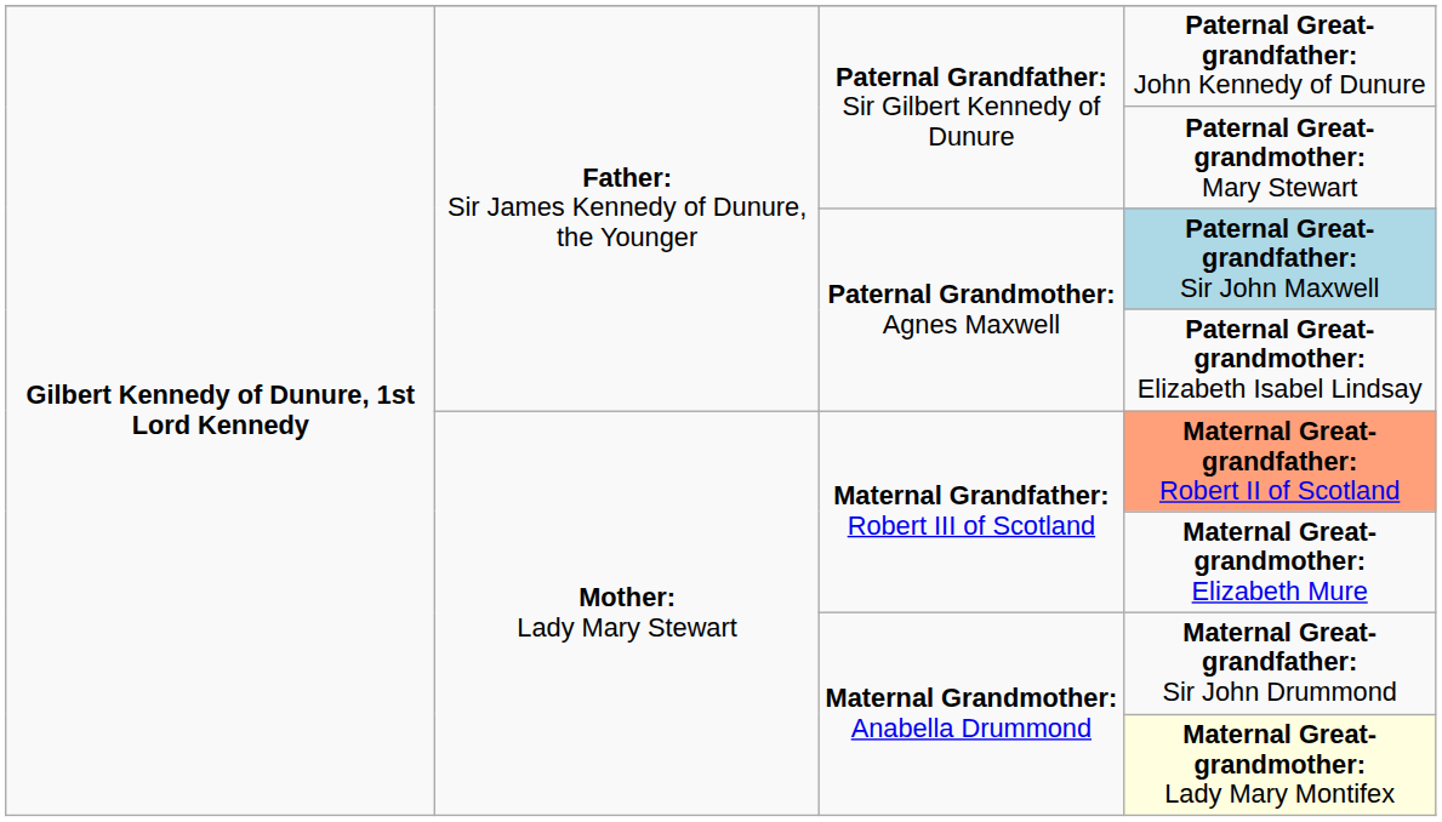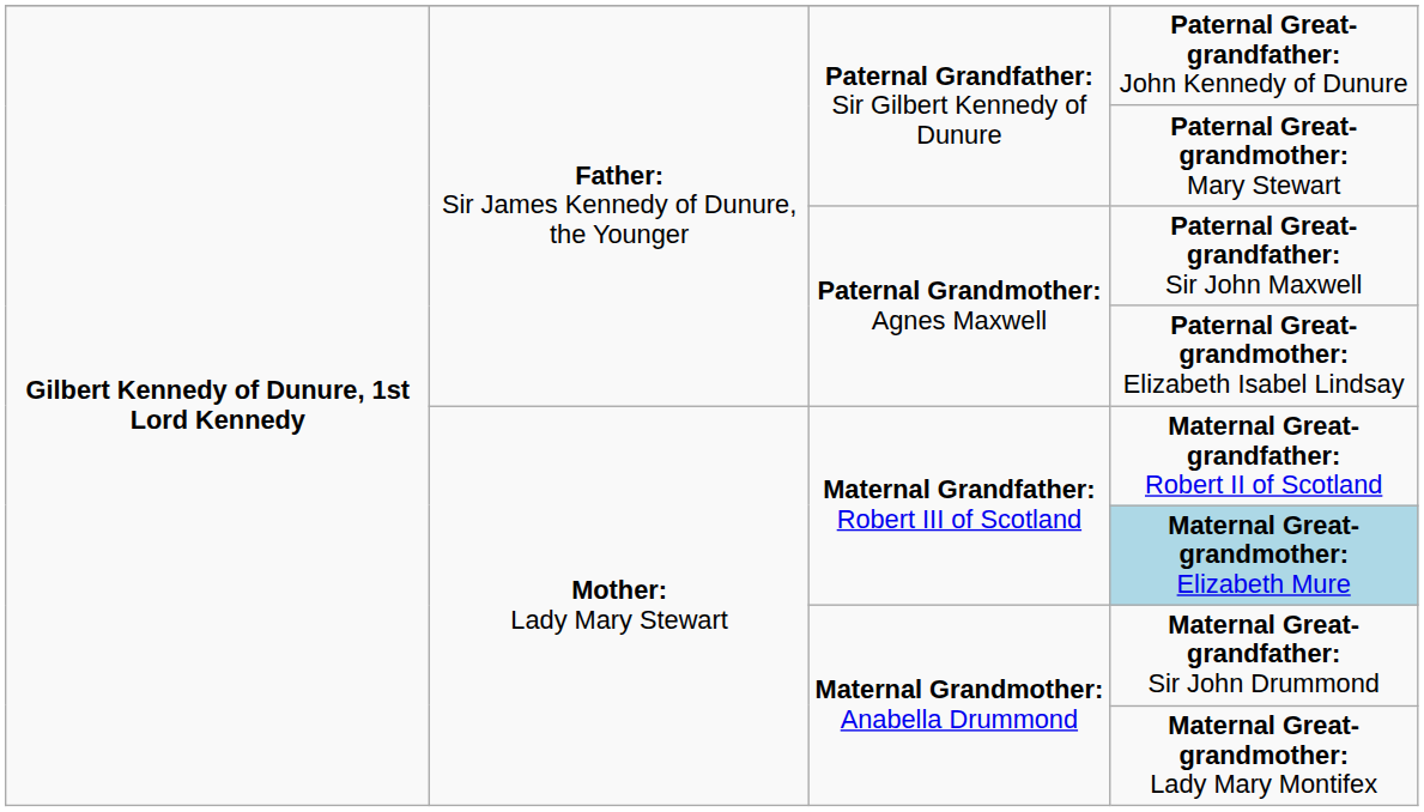 <table class="wikitable">
 <tr>
 </tr>
 <tr>
 <td rowspan="8" align="center"><strong>Gilbert Kennedy of Dunure, 1st Lord Kennedy</strong></td>
 <td rowspan="4" align="center"><strong>Father:</strong><br>Sir James Kennedy of Dunure, the Younger</td>
 <td rowspan="2" align="center"><strong>Paternal Grandfather:</strong><br>Sir Gilbert Kennedy of Dunure</td>
 <td align="center"><strong>Paternal Great-grandfather:</strong><br>John Kennedy of Dunure</td>
 </tr>
 <tr>
 <td align="center"><strong>Paternal Great-grandmother:</strong><br>Mary Stewart</td>
 </tr>
 <tr>
 <td rowspan="2" align="center"><strong>Paternal Grandmother:</strong><br>Agnes Maxwell</td>
-<td align="center" style="background: lightblue;"><strong>Paternal Great-grandfather:</strong><br>Sir John Maxwell</td>
+<td align="center"><strong>Paternal Great-grandfather:</strong><br>Sir John Maxwell</td>
 </tr>
 <tr>
 <td align="center"><strong>Paternal Great-grandmother:</strong><br>Elizabeth Isabel Lindsay</td>
 </tr>
 <tr>
 <td rowspan="4" align="center"><strong>Mother:</strong><br>Lady Mary Stewart</td>
 <td rowspan="2" align="center"><strong>Maternal Grandfather:</strong><br><a href='#'>Robert III of Scotland</a></td>
-<td align="center" style="background: lightsalmon;"><strong>Maternal Great-grandfather:</strong><br><a href='#'>Robert II of Scotland</a></td>
+<td align="center"><strong>Maternal Great-grandfather:</strong><br><a href='#'>Robert II of Scotland</a></td>
 </tr>
 <tr>
-<td align="center"><strong>Maternal Great-grandmother:</strong><br><a href='#'>Elizabeth Mure</a></td>
+<td align="center" style="background: lightblue;"><strong>Maternal Great-grandmother:</strong><br><a href='#'>Elizabeth Mure</a></td>
 </tr>
 <tr>
 <td rowspan="2" align="center"><strong>Maternal Grandmother:</strong><br><a href='#'>Anabella Drummond</a></td>
 <td align="center"><strong>Maternal Great-grandfather:</strong><br>Sir John Drummond</td>
 </tr>
 <tr>
-<td align="center" style="background: lightyellow;"><strong>Maternal Great-grandmother:</strong><br>Lady Mary Montifex</td>
+<td align="center"><strong>Maternal Great-grandmother:</strong><br>Lady Mary Montifex</td>
 </tr>
 </table>
